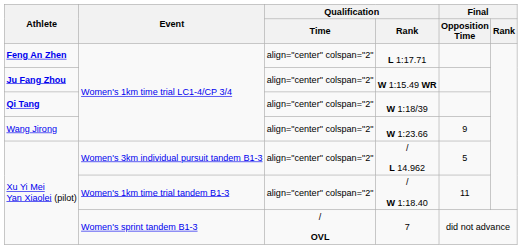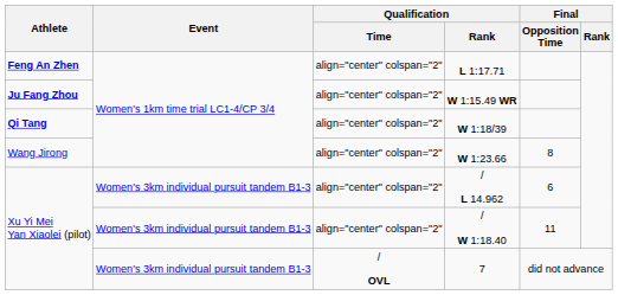 <table class=wikitable style="font-size:90%">
 <tr>
 <th rowspan="2">Athlete</th>
 <th rowspan="2">Event</th>
 <th colspan="2">Qualification</th>
 <th colspan="2">Final</th>
 </tr>
 <tr>
 <th>Time</th>
 <th>Rank</th>
 <th>Opposition<br>Time</th>
 <th>Rank</th>
 </tr>
 <tr>
 <td><strong><a href='#'>Feng An Zhen</a></strong></td>
 <td rowspan="4"><a href='#'>Women's 1km time trial LC1-4/CP 3/4</a></td>
 <td>align="center" colspan="2" </td>
 <td align="center"><br><strong>L</strong> 1:17.71</td>
 <td align="center"></td>
 </tr>
 <tr>
 <td><strong><a href='#'>Ju Fang Zhou</a></strong></td>
 <td>align="center" colspan="2" </td>
 <td align="center"><br><strong>W</strong> 1:15.49 <strong>WR</strong></td>
 <td align="center"></td>
 </tr>
 <tr>
 <td><strong><a href='#'>Qi Tang</a></strong></td>
 <td>align="center" colspan="2" </td>
 <td align="center"><br><strong>W</strong> 1:18/39</td>
 <td align="center"></td>
 </tr>
 <tr>
 <td><a href='#'>Wang Jirong</a></td>
 <td>align="center" colspan="2" </td>
 <td align="center"><br><strong>W</strong> 1:23.66</td>
-<td align="center">9</td>
+<td align="center">8</td>
 </tr>
 <tr>
 <td rowspan="6"><a href='#'>Xu Yi Mei</a><br> <a href='#'>Yan Xiaolei</a> (pilot)</td>
 <td><a href='#'>Women's 3km individual pursuit tandem B1-3</a></td>
 <td>align="center" colspan="2" </td>
 <td align="center"> / <br><br><strong>L</strong> 14.962</td>
-<td align="center">5</td>
+<td align="center">6</td>
 </tr>
 <tr>
-<td><a href='#'>Women's 1km time trial tandem B1-3</a></td>
+<td><a href='#'>Women's 3km individual pursuit tandem B1-3</a></td>
 <td>align="center" colspan="2" </td>
 <td align="center"> / <br> <br><strong>W</strong> 1:18.40</td>
 <td align="center">11</td>
 </tr>
 <tr>
-<td><a href='#'>Women's sprint tandem B1-3</a></td>
+<td><a href='#'>Women's 3km individual pursuit tandem B1-3</a></td>
 <td align="center"> / <br> <br><strong>OVL</strong></td>
 <td align="center">7</td>
 <td align="center" colspan="2">did not advance</td>
 </tr>
 </table>
